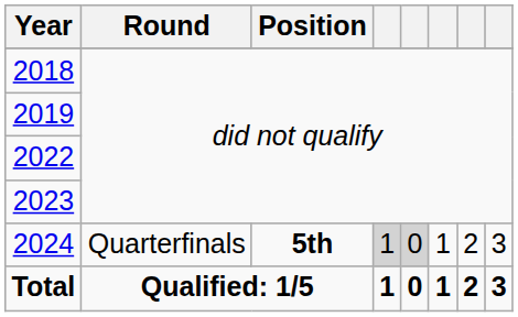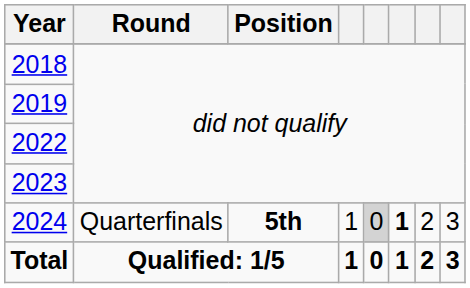 <table class="wikitable" style="text-align:center">
 <tr>
 <th>Year</th>
 <th>Round</th>
 <th>Position</th>
 <th></th>
 <th></th>
 <th></th>
 <th></th>
 <th></th>
 </tr>
 <tr>
 </tr>
 <tr>
 <td> <a href='#'>2018</a></td>
 <td colspan="8" rowspan="4"><em>did not qualify</em></td>
 </tr>
 <tr>
 <td> <a href='#'>2019</a></td>
 </tr>
 <tr>
 <td> <a href='#'>2022</a></td>
 </tr>
 <tr>
 <td> <a href='#'>2023</a></td>
 </tr>
 <tr>
 <td> <a href='#'>2024</a></td>
 <td>Quarterfinals</td>
 <td><strong>5th</strong></td>
-<td style="background: lightgrey;">1</td>
+<td>1</td>
 <td style="background: lightgrey;">0</td>
-<td>1</td>
+<td><strong>1</strong></td>
 <td>2</td>
 <td>3</td>
 </tr>
 <tr>
 <td><strong>Total</strong></td>
 <td colspan="2"><strong>Qualified: 1/5</strong></td>
 <td><strong>1</strong></td>
 <td><strong>0</strong></td>
 <td><strong>1</strong></td>
 <td><strong>2</strong></td>
 <td><strong>3</strong></td>
 </tr>
 </table>
